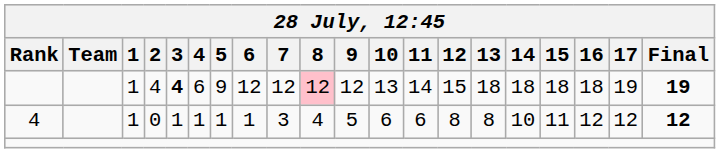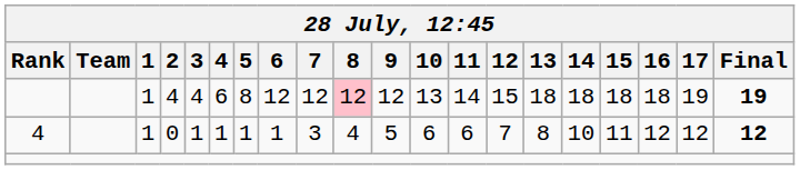 <table class=wikitable style="text-align:center; width: 55%">
 <tr>
 <th colspan=21><em>28 July, 12:45</em></th>
 </tr>
 <tr>
 <th>Rank</th>
 <th>Team</th>
 <th>1</th>
 <th>2</th>
 <th>3</th>
 <th>4</th>
 <th>5</th>
 <th>6</th>
 <th>7</th>
 <th>8</th>
 <th>9</th>
 <th>10</th>
 <th>11</th>
 <th>12</th>
 <th>13</th>
 <th>14</th>
 <th>15</th>
 <th>16</th>
 <th>17</th>
 <th>Final</th>
 </tr>
 <tr>
 <td></td>
 <td align=left><strong></strong></td>
 <td>1</td>
 <td>4</td>
-<td><strong>4</strong></td>
+<td>4</td>
 <td>6</td>
-<td>9</td>
+<td>8</td>
 <td>12</td>
 <td>12</td>
 <td style="background: pink;">12</td>
 <td>12</td>
 <td>13</td>
 <td>14</td>
 <td>15</td>
 <td>18</td>
 <td>18</td>
 <td>18</td>
 <td>18</td>
 <td>19</td>
 <td><strong>19</strong></td>
 </tr>
 <tr>
 <td>4</td>
 <td align=left></td>
 <td>1</td>
 <td>0</td>
 <td>1</td>
 <td>1</td>
 <td>1</td>
 <td>1</td>
 <td>3</td>
 <td>4</td>
 <td>5</td>
 <td>6</td>
 <td>6</td>
-<td>8</td>
+<td>7</td>
 <td>8</td>
 <td>10</td>
 <td>11</td>
 <td>12</td>
 <td>12</td>
 <td><strong>12</strong></td>
 </tr>
 <tr>
 <td colspan=21></td>
 </tr>
 </table>
